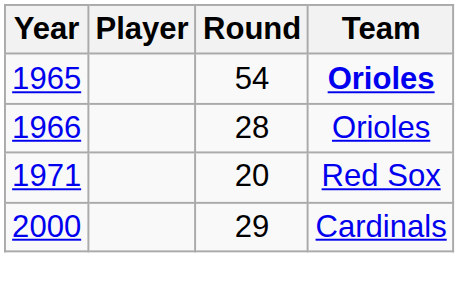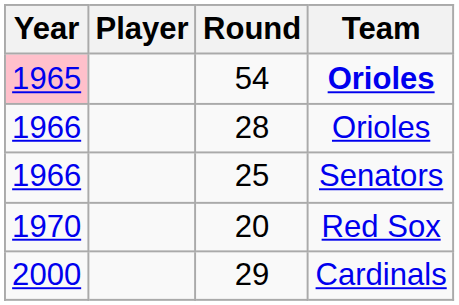 <table class="wikitable sortable">
 <tr>
 <th>Year</th>
 <th>Player</th>
 <th>Round</th>
 <th>Team</th>
 </tr>
 <tr>
-<td align="center"><a href='#'>1965</a></td>
+<td align="center" style="background: pink;"><a href='#'>1965</a></td>
 <td align="center"></td>
 <td align="center">54</td>
 <td align="center"><strong><a href='#'>Orioles</a></strong></td>
 </tr>
 <tr>
 <td align="center"><a href='#'>1966</a></td>
 <td align="center"></td>
 <td align="center">28</td>
 <td align="center"><a href='#'>Orioles</a></td>
 </tr>
 <tr>
-<td align="center"><a href='#'>1971</a></td>
+<td align="center"><a href='#'>1966</a></td>
+<td align="center"></td>
+<td align="center">25</td>
+<td align="center"><a href='#'>Senators</a></td>
+</tr>
+<tr>
+<td align="center"><a href='#'>1970</a></td>
 <td align="center"></td>
 <td align="center">20</td>
 <td align="center"><a href='#'>Red Sox</a></td>
 </tr>
 <tr>
 <td align="center"><a href='#'>2000</a></td>
 <td align="center"></td>
 <td align="center">29</td>
 <td align="center"><a href='#'>Cardinals</a></td>
 </tr>
 </table>
